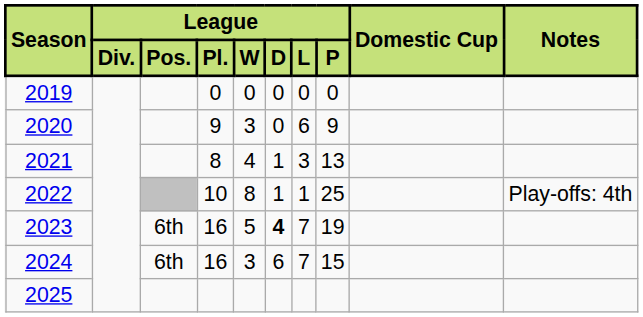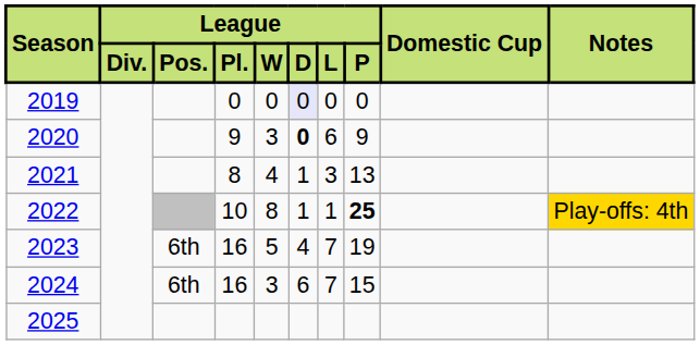 <table class="wikitable">
 <tr style="background:#d92121;">
 <th rowspan="2" ! style="background:#C5E17A; color:#000000; border:2px solid #000000;" scope="col">Season</th>
 <th colspan="7" ! style="background:#C5E17A; color:#000000; border:2px solid #000000;" scope="col">League</th>
 <th rowspan="2" ! style="background:#C5E17A; color:#000000; border:2px solid #000000;" scope="col">Domestic Cup</th>
 <th rowspan="2" ! style="background:#C5E17A; color:#000000; border:2px solid #000000;" scope="col">Notes</th>
 </tr>
 <tr>
 <th style="background:#C5E17A; color:#000000;border:2px solid #000000;" scope="col">Div.</th>
 <th style="background:#C5E17A; color:#000000;border:2px solid #000000;" scope="col">Pos.</th>
 <th style="background:#C5E17A; color:#000000;border:2px solid #000000;" scope="col">Pl.</th>
 <th style="background:#C5E17A; color:#000000;border:2px solid #000000;" scope="col">W</th>
 <th style="background:#C5E17A; color:#000000;border:2px solid #000000;" scope="col">D</th>
 <th style="background:#C5E17A; color:#000000;border:2px solid #000000;" scope="col">L</th>
 <th style="background:#C5E17A; color:#000000;border:2px solid #000000;" scope="col">P</th>
 </tr>
 <tr>
 <td align=center><a href='#'>2019</a></td>
 <td rowspan=7></td>
 <td></td>
 <td align=center>0</td>
 <td align=center>0</td>
-<td align=center>0</td>
+<td align=center style="background: lavender;">0</td>
 <td align=center>0</td>
 <td align=center>0</td>
 <td align=center></td>
 <td align=center></td>
 </tr>
 <tr>
 <td align=center><a href='#'>2020</a></td>
 <td></td>
 <td align=center>9</td>
 <td align=center>3</td>
-<td align=center>0</td>
+<td align=center><strong>0</strong></td>
 <td align=center>6</td>
 <td align=center>9</td>
 <td align=center></td>
 <td align=center></td>
 </tr>
 <tr>
 <td align=center><a href='#'>2021</a></td>
 <td></td>
 <td align=center>8</td>
 <td align=center>4</td>
 <td align=center>1</td>
 <td align=center>3</td>
 <td align=center>13</td>
 <td align=center></td>
 <td align=center></td>
 </tr>
 <tr>
 <td align=center><a href='#'>2022</a></td>
 <td bgcolor="#C0C0C0"></td>
 <td align=center>10</td>
 <td align=center>8</td>
 <td align=center>1</td>
 <td align=center>1</td>
-<td align=center>25</td>
+<td align=center><strong>25</strong></td>
 <td align=center></td>
-<td align=center>Play-offs: 4th</td>
+<td align=center style="background: gold;">Play-offs: 4th</td>
 </tr>
 <tr>
 <td align=center><a href='#'>2023</a></td>
 <td align=center>6th</td>
 <td align=center>16</td>
 <td align=center>5</td>
-<td align=center><strong>4</strong></td>
+<td align=center>4</td>
 <td align=center>7</td>
 <td align=center>19</td>
 <td align=center></td>
 <td align=center></td>
 </tr>
 <tr>
 <td align=center><a href='#'>2024</a></td>
 <td align=center>6th</td>
 <td align=center>16</td>
 <td align=center>3</td>
 <td align=center>6</td>
 <td align=center>7</td>
 <td align=center>15</td>
 <td align=center></td>
 <td align=center></td>
 </tr>
 <tr>
 <td align=center><a href='#'>2025</a></td>
 <td align=center></td>
 <td align=center></td>
 <td align=center></td>
 <td align=center></td>
 <td align=center></td>
 <td align=center></td>
 <td align=center></td>
 <td align=center></td>
 </tr>
 </table>
